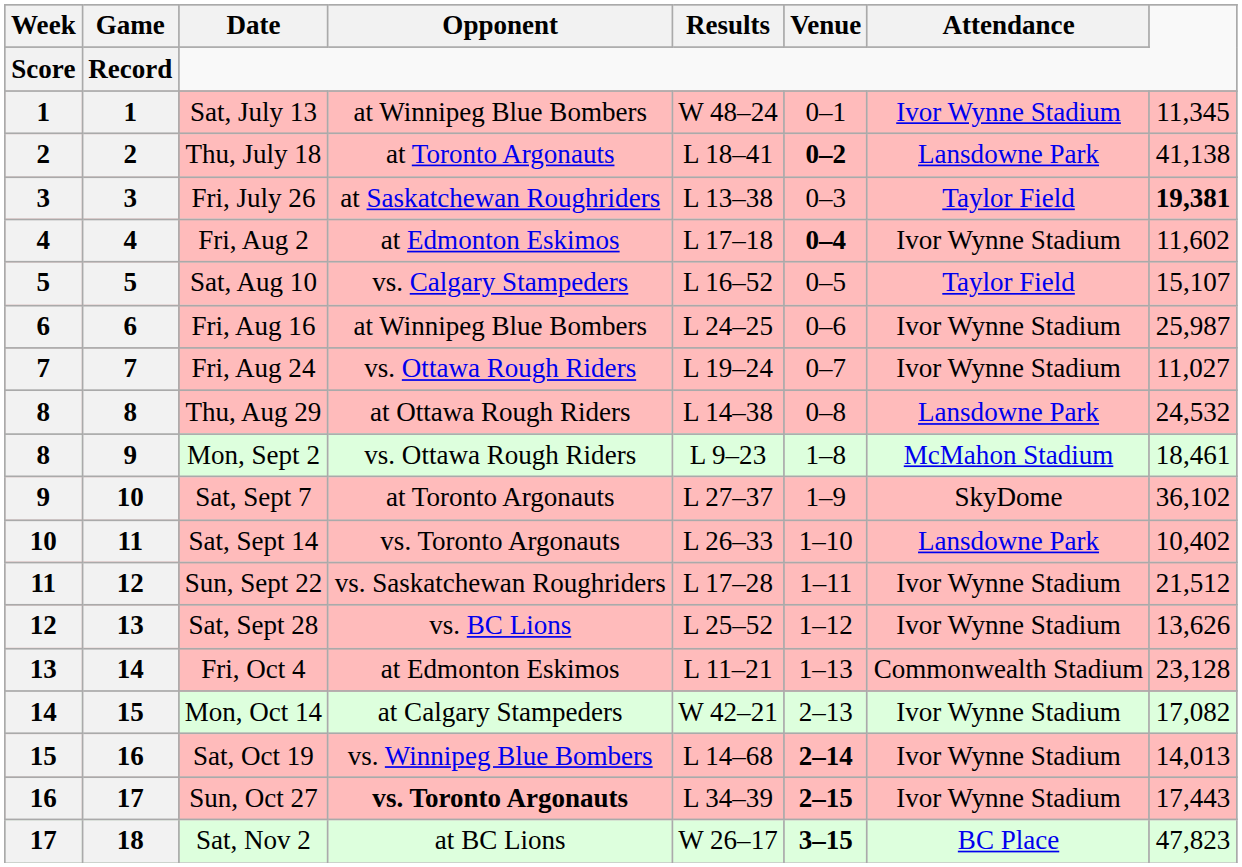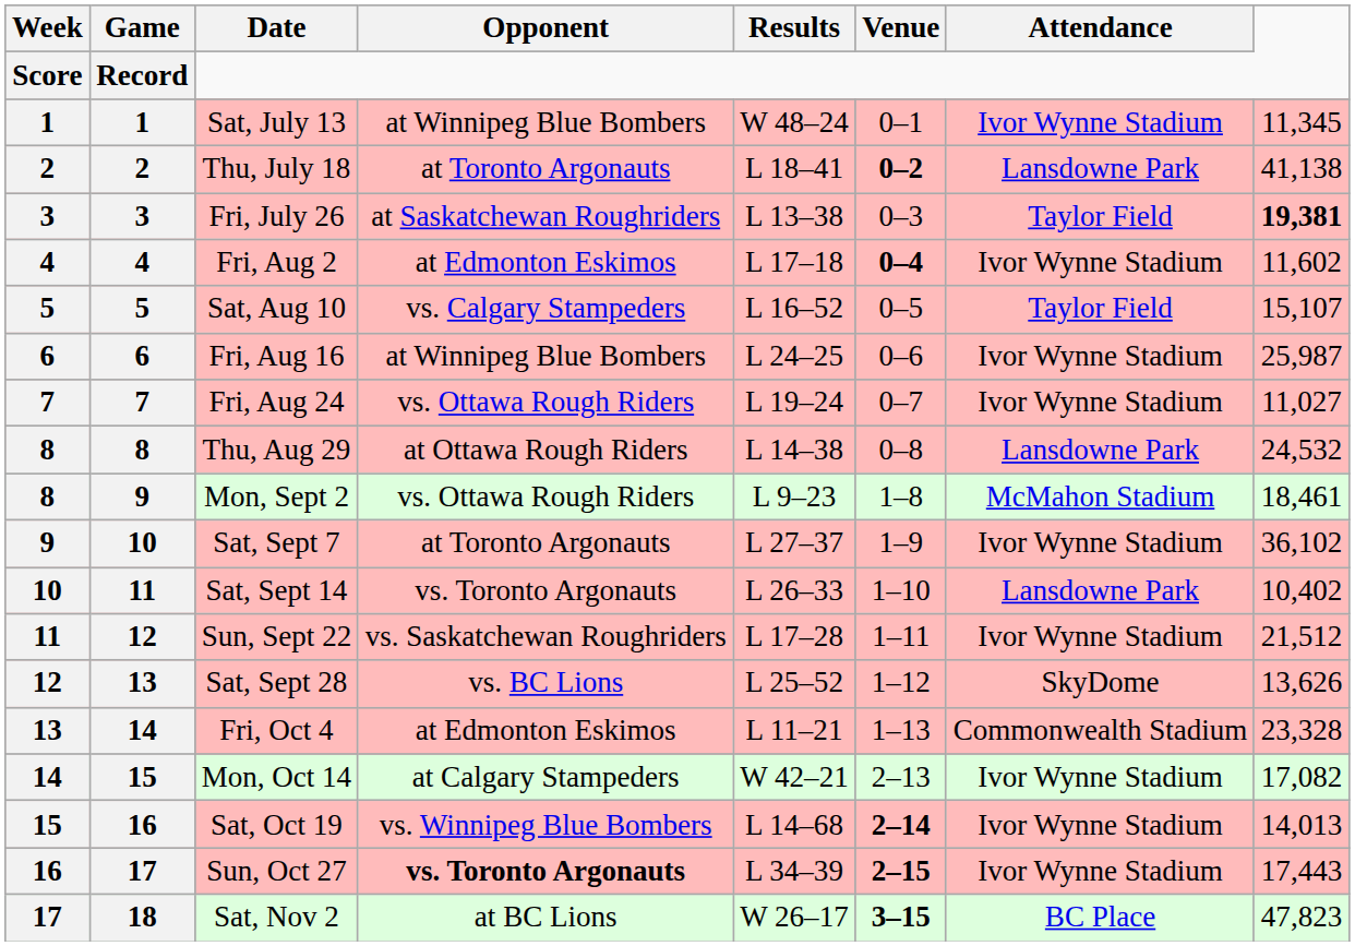 <table class="wikitable" style="text-align:center">
 <tr>
 <th>Week</th>
 <th>Game</th>
 <th>Date</th>
 <th>Opponent</th>
 <th>Results</th>
 <th>Venue</th>
 <th>Attendance</th>
 </tr>
 <tr>
 <th>Score</th>
 <th>Record</th>
 </tr>
 <tr style="background:#ffbbbb">
 <th>1</th>
 <th>1</th>
 <td>Sat, July 13</td>
 <td>at Winnipeg Blue Bombers</td>
 <td>W 48–24</td>
 <td>0–1</td>
 <td><a href='#'>Ivor Wynne Stadium</a></td>
 <td>11,345</td>
 </tr>
 <tr style="background:#ffbbbb">
 <th>2</th>
 <th>2</th>
 <td>Thu, July 18</td>
 <td>at <a href='#'>Toronto Argonauts</a></td>
 <td>L 18–41</td>
 <td><strong>0–2</strong></td>
 <td><a href='#'>Lansdowne Park</a></td>
 <td>41,138</td>
 </tr>
 <tr style="background:#ffbbbb">
 <th>3</th>
 <th>3</th>
 <td>Fri, July 26</td>
 <td>at <a href='#'>Saskatchewan Roughriders</a></td>
 <td>L 13–38</td>
 <td>0–3</td>
 <td><a href='#'>Taylor Field</a></td>
 <td><strong>19,381</strong></td>
 </tr>
 <tr style="background:#ffbbbb">
 <th>4</th>
 <th>4</th>
 <td>Fri, Aug 2</td>
 <td>at <a href='#'>Edmonton Eskimos</a></td>
 <td>L 17–18</td>
 <td><strong>0–4</strong></td>
 <td>Ivor Wynne Stadium</td>
 <td>11,602</td>
 </tr>
 <tr style="background:#ffbbbb">
 <th>5</th>
 <th>5</th>
 <td>Sat, Aug 10</td>
 <td>vs. <a href='#'>Calgary Stampeders</a></td>
 <td>L 16–52</td>
 <td>0–5</td>
 <td><a href='#'>Taylor Field</a></td>
 <td>15,107</td>
 </tr>
 <tr style="background:#ffbbbb">
 <th>6</th>
 <th>6</th>
 <td>Fri, Aug 16</td>
 <td>at Winnipeg Blue Bombers</td>
 <td>L 24–25</td>
 <td>0–6</td>
 <td>Ivor Wynne Stadium</td>
 <td>25,987</td>
 </tr>
 <tr style="background:#ffbbbb">
 <th>7</th>
 <th>7</th>
 <td>Fri, Aug 24</td>
 <td>vs. <a href='#'>Ottawa Rough Riders</a></td>
 <td>L 19–24</td>
 <td>0–7</td>
 <td>Ivor Wynne Stadium</td>
 <td>11,027</td>
 </tr>
 <tr style="background:#ffbbbb">
 <th>8</th>
 <th>8</th>
 <td>Thu, Aug 29</td>
 <td>at Ottawa Rough Riders</td>
 <td>L 14–38</td>
 <td>0–8</td>
 <td><a href='#'>Lansdowne Park</a></td>
 <td>24,532</td>
 </tr>
 <tr style="background:#ddffdd">
 <th>8</th>
 <th>9</th>
 <td>Mon, Sept 2</td>
 <td>vs. Ottawa Rough Riders</td>
 <td>L 9–23</td>
 <td>1–8</td>
 <td><a href='#'>McMahon Stadium</a></td>
 <td>18,461</td>
 </tr>
 <tr style="background:#ffbbbb">
 <th>9</th>
 <th>10</th>
 <td>Sat, Sept 7</td>
 <td>at Toronto Argonauts</td>
 <td>L 27–37</td>
 <td>1–9</td>
-<td>SkyDome</td>
+<td>Ivor Wynne Stadium</td>
 <td>36,102</td>
 </tr>
 <tr style="background:#ffbbbb">
 <th>10</th>
 <th>11</th>
 <td>Sat, Sept 14</td>
 <td>vs. Toronto Argonauts</td>
 <td>L 26–33</td>
 <td>1–10</td>
 <td><a href='#'>Lansdowne Park</a></td>
 <td>10,402</td>
 </tr>
 <tr style="background:#ffbbbb">
 <th>11</th>
 <th>12</th>
 <td>Sun, Sept 22</td>
 <td>vs. Saskatchewan Roughriders</td>
 <td>L 17–28</td>
 <td>1–11</td>
 <td>Ivor Wynne Stadium</td>
 <td>21,512</td>
 </tr>
 <tr style="background:#ffbbbb">
 <th>12</th>
 <th>13</th>
 <td>Sat, Sept 28</td>
 <td>vs. <a href='#'>BC Lions</a></td>
 <td>L 25–52</td>
 <td>1–12</td>
-<td>Ivor Wynne Stadium</td>
+<td>SkyDome</td>
 <td>13,626</td>
 </tr>
 <tr style="background:#ffbbbb">
 <th>13</th>
 <th>14</th>
 <td>Fri, Oct 4</td>
 <td>at Edmonton Eskimos</td>
 <td>L 11–21</td>
 <td>1–13</td>
 <td>Commonwealth Stadium</td>
-<td>23,128</td>
+<td>23,328</td>
 </tr>
 <tr style="background:#ddffdd">
 <th>14</th>
 <th>15</th>
 <td>Mon, Oct 14</td>
 <td>at Calgary Stampeders</td>
 <td>W 42–21</td>
 <td>2–13</td>
 <td>Ivor Wynne Stadium</td>
 <td>17,082</td>
 </tr>
 <tr style="background:#ffbbbb">
 <th>15</th>
 <th>16</th>
 <td>Sat, Oct 19</td>
 <td>vs. <a href='#'>Winnipeg Blue Bombers</a></td>
 <td>L 14–68</td>
 <td><strong>2–14</strong></td>
 <td>Ivor Wynne Stadium</td>
 <td>14,013</td>
 </tr>
 <tr style="background:#ffbbbb">
 <th>16</th>
 <th>17</th>
 <td>Sun, Oct 27</td>
 <td><strong>vs. Toronto Argonauts</strong></td>
 <td>L 34–39</td>
 <td><strong>2–15</strong></td>
 <td>Ivor Wynne Stadium</td>
 <td>17,443</td>
 </tr>
 <tr style="background:#ddffdd">
 <th>17</th>
 <th>18</th>
 <td>Sat, Nov 2</td>
 <td>at BC Lions</td>
 <td>W 26–17</td>
 <td><strong>3–15</strong></td>
 <td><a href='#'>BC Place</a></td>
 <td>47,823</td>
 </tr>
 </table>
